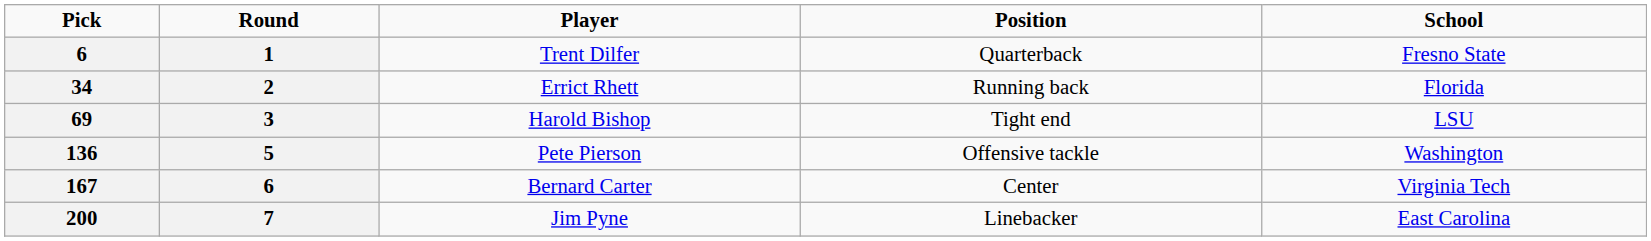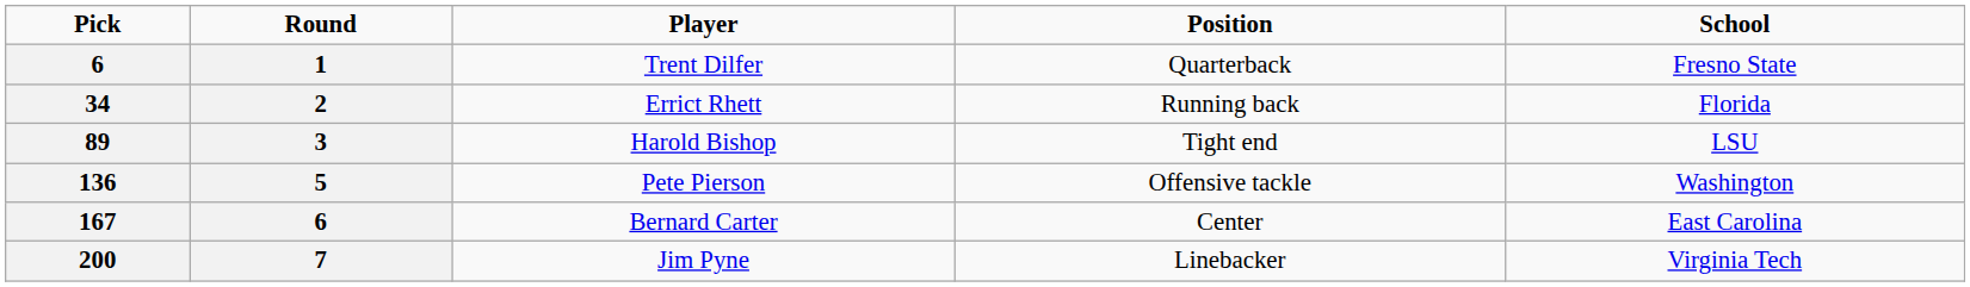 <table class="wikitable sortable sortable" style="width: 100%;text-align:center;">
 <tr align="center">
 <td><strong>Pick</strong></td>
 <td><strong>Round</strong></td>
 <td><strong>Player</strong></td>
 <td><strong>Position</strong></td>
 <td><strong>School</strong></td>
 </tr>
 <tr>
 <th>6</th>
 <th>1</th>
 <td><a href='#'>Trent Dilfer</a></td>
 <td>Quarterback</td>
 <td><a href='#'>Fresno State</a></td>
 </tr>
 <tr>
 <th>34</th>
 <th>2</th>
 <td><a href='#'>Errict Rhett</a></td>
 <td>Running back</td>
 <td><a href='#'>Florida</a></td>
 </tr>
 <tr>
-<th>69</th>
+<th>89</th>
 <th>3</th>
 <td><a href='#'>Harold Bishop</a></td>
 <td>Tight end</td>
 <td><a href='#'>LSU</a></td>
 </tr>
 <tr>
 <th>136</th>
 <th>5</th>
 <td><a href='#'>Pete Pierson</a></td>
 <td>Offensive tackle</td>
 <td><a href='#'>Washington</a></td>
 </tr>
 <tr>
 <th>167</th>
 <th>6</th>
 <td><a href='#'>Bernard Carter</a></td>
 <td>Center</td>
-<td><a href='#'>Virginia Tech</a></td>
+<td><a href='#'>East Carolina</a></td>
 </tr>
 <tr>
 <th>200</th>
 <th>7</th>
 <td><a href='#'>Jim Pyne</a></td>
 <td>Linebacker</td>
-<td><a href='#'>East Carolina</a></td>
+<td><a href='#'>Virginia Tech</a></td>
 </tr>
 </table>
